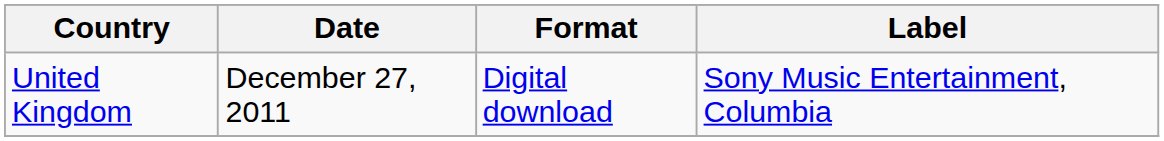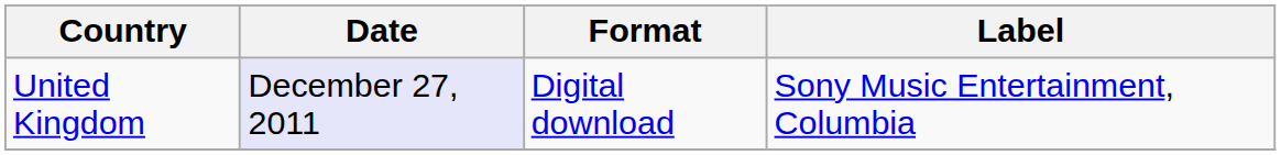 <table class=wikitable>
 <tr>
 <th scope="col">Country</th>
 <th scope="col">Date</th>
 <th scope="col">Format</th>
 <th scope="col">Label</th>
 </tr>
 <tr>
 <td><a href='#'>United Kingdom</a></td>
-<td>December 27, 2011</td>
+<td style="background: lavender;">December 27, 2011</td>
 <td><a href='#'>Digital download</a></td>
 <td><a href='#'>Sony Music Entertainment</a>, <a href='#'>Columbia</a></td>
 </tr>
 <tr>
 </tr>
 </table>
